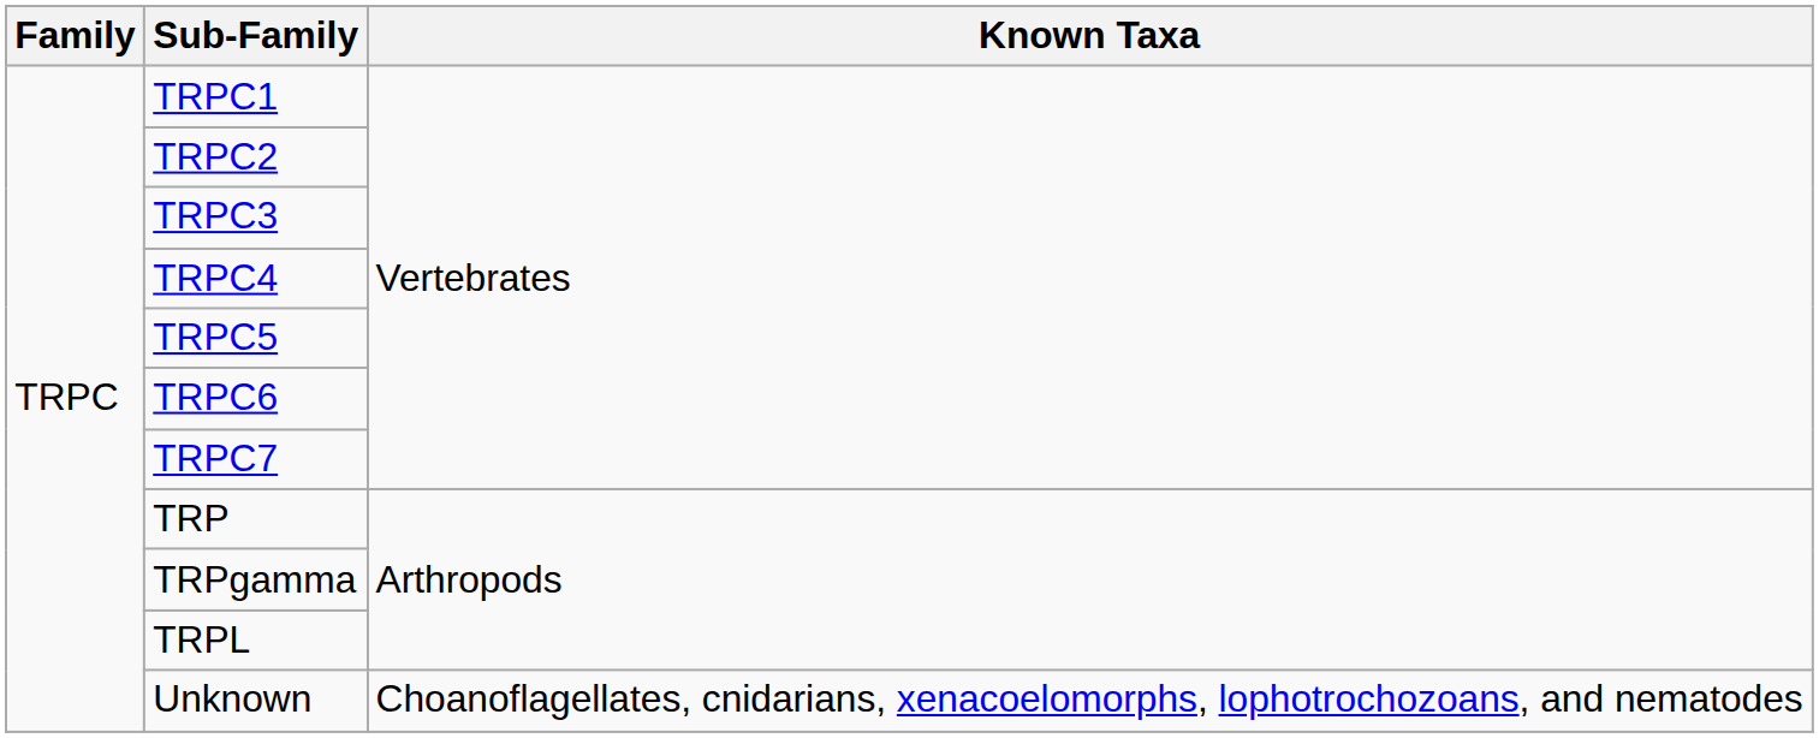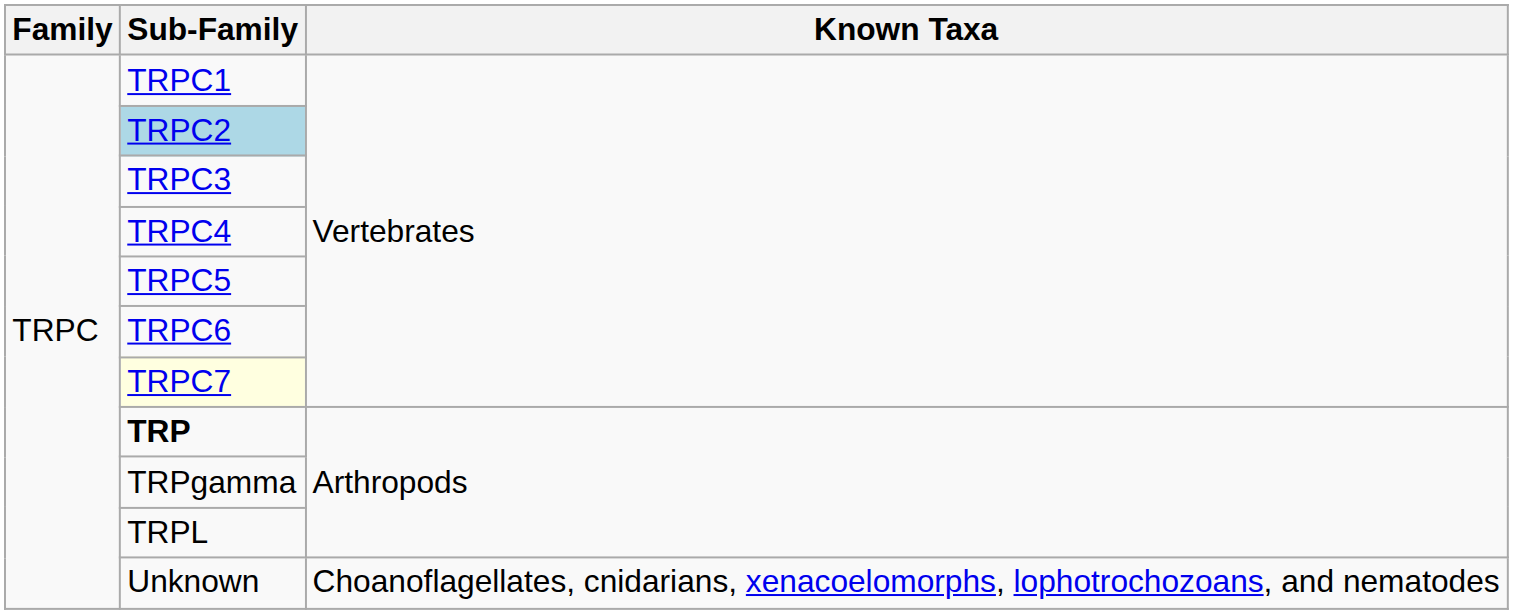 <table class="wikitable">
 <tr>
 <th>Family</th>
 <th>Sub-Family</th>
 <th>Known Taxa</th>
 </tr>
 <tr>
 <td rowspan="11">TRPC</td>
 <td><a href='#'>TRPC1</a></td>
 <td rowspan="7">Vertebrates</td>
 </tr>
 <tr>
-<td><a href='#'>TRPC2</a></td>
+<td style="background: lightblue;"><a href='#'>TRPC2</a></td>
 </tr>
 <tr>
 <td><a href='#'>TRPC3</a></td>
 </tr>
 <tr>
 <td><a href='#'>TRPC4</a></td>
 </tr>
 <tr>
 <td><a href='#'>TRPC5</a></td>
 </tr>
 <tr>
 <td><a href='#'>TRPC6</a></td>
 </tr>
 <tr>
-<td><a href='#'>TRPC7</a></td>
+<td style="background: lightyellow;"><a href='#'>TRPC7</a></td>
 </tr>
 <tr>
-<td>TRP</td>
+<td><strong>TRP</strong></td>
 <td rowspan="3">Arthropods</td>
 </tr>
 <tr>
 <td>TRPgamma</td>
 </tr>
 <tr>
 <td>TRPL</td>
 </tr>
 <tr>
 <td>Unknown</td>
 <td>Choanoflagellates, cnidarians, <a href='#'>xenacoelomorphs</a>, <a href='#'>lophotrochozoans</a>, and nematodes</td>
 </tr>
 </table>
